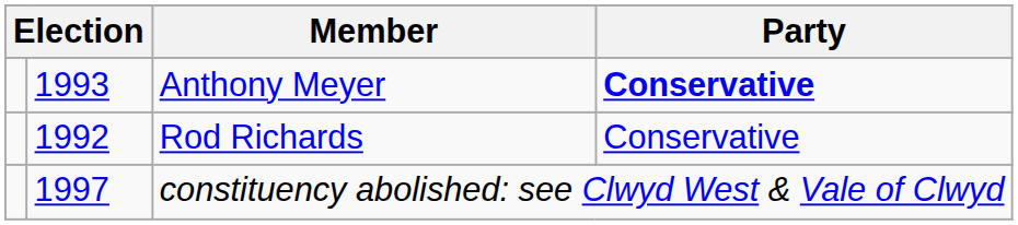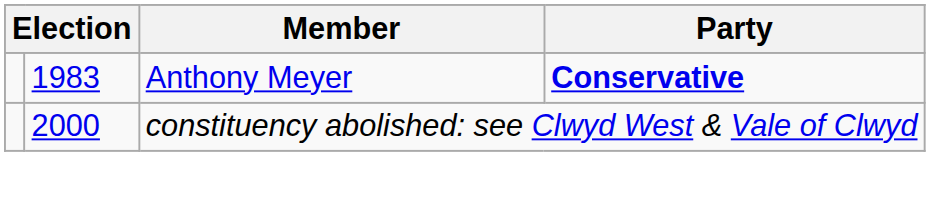 <table class="wikitable">
 <tr>
 <th colspan="2">Election</th>
 <th>Member</th>
 <th>Party</th>
 </tr>
 <tr>
 <td style="color:inherit;background-color: "></td>
-<td><a href='#'>1993</a></td>
+<td><a href='#'>1983</a></td>
 <td><a href='#'>Anthony Meyer</a></td>
 <td><strong><a href='#'>Conservative</a></strong></td>
 </tr>
 <tr>
-<td style="color:inherit;background-color: "></td>
-<td><a href='#'>1992</a></td>
-<td><a href='#'>Rod Richards</a></td>
-<td><a href='#'>Conservative</a></td>
-</tr>
-<tr>
 <td></td>
-<td><a href='#'>1997</a></td>
+<td><a href='#'>2000</a></td>
 <td colspan="2"><em>constituency abolished: see <a href='#'>Clwyd West</a> & <a href='#'>Vale of Clwyd</a></em></td>
 </tr>
 </table>
